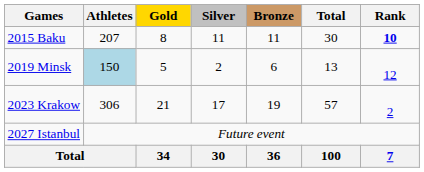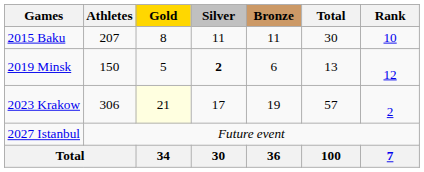 <table class="wikitable" style="text-align:center; font-size:90%;">
 <tr>
 <th>Games</th>
 <th>Athletes</th>
 <td style="background:gold; width:3.7em; font-weight:bold;">Gold</td>
 <td style="background:silver; width:3.7em; font-weight:bold;">Silver</td>
 <td style="background:#cc9966; width:3.7em; font-weight:bold;">Bronze</td>
 <th style="width:4em; font-weight:bold;">Total</th>
 <th style="width:4em; font-weight:bold;">Rank</th>
 </tr>
 <tr>
 <td align=left> <a href='#'>2015 Baku</a></td>
 <td>207</td>
 <td>8</td>
 <td>11</td>
 <td>11</td>
 <td>30</td>
-<td><strong><a href='#'>10</a></strong></td>
+<td><a href='#'>10</a></td>
 </tr>
 <tr>
 <td align=left> <a href='#'>2019 Minsk</a></td>
-<td style="background: lightblue;">150</td>
+<td>150</td>
 <td>5</td>
-<td>2</td>
+<td><strong>2</strong></td>
 <td>6</td>
 <td>13</td>
 <td><br><a href='#'>12</a></td>
 </tr>
 <tr>
 <td align=left> <a href='#'>2023 Krakow</a></td>
 <td>306</td>
-<td>21</td>
+<td style="background: lightyellow;">21</td>
 <td>17</td>
 <td>19</td>
 <td>57</td>
 <td><br><a href='#'>2</a></td>
 </tr>
 <tr>
 <td align=left> <a href='#'>2027 Istanbul</a></td>
 <td colspan=6><em>Future event</em></td>
 </tr>
 <tr>
 <th colspan=2>Total</th>
 <th>34</th>
 <th>30</th>
 <th>36</th>
 <th>100</th>
 <th><a href='#'>7</a></th>
 </tr>
 </table>
